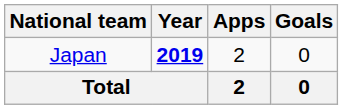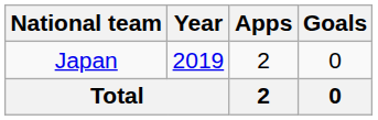 <table class="wikitable" style="text-align:center">
 <tr>
 <th>National team</th>
 <th>Year</th>
 <th>Apps</th>
 <th>Goals</th>
 </tr>
 <tr>
 <td><a href='#'>Japan</a></td>
-<td><strong><a href='#'>2019</a></strong></td>
+<td><a href='#'>2019</a></td>
 <td>2</td>
 <td>0</td>
 </tr>
 <tr>
 <th colspan="2">Total</th>
 <th>2</th>
 <th>0</th>
 </tr>
 </table>
